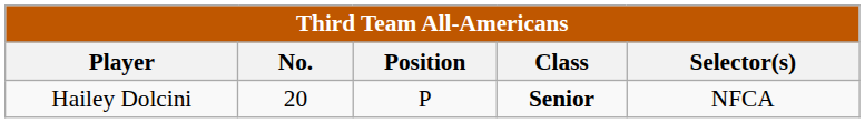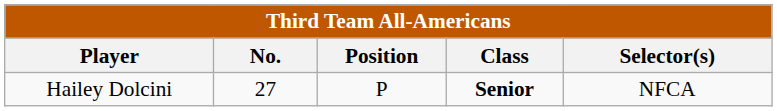 <table class="wikitable" style="text-align:center">
 <tr>
 <td colspan="5" style= "background: #BF5700; color:white"><strong>Third Team All-Americans</strong></td>
 </tr>
 <tr>
 <th style="width:150px; ">Player</th>
 <th style="width:70px; ">No.</th>
 <th style="width:90px; ">Position</th>
 <th style="width:80px; ">Class</th>
 <th style="width:150px; ">Selector(s)</th>
 </tr>
 <tr>
 <td>Hailey Dolcini</td>
-<td>20</td>
+<td>27</td>
 <td>P</td>
 <td><strong>Senior</strong></td>
 <td>NFCA</td>
 </tr>
 </table>
